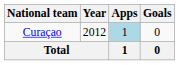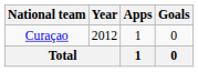 <table class=wikitable style="text-align: center">
 <tr>
 <th>National team</th>
 <th>Year</th>
 <th>Apps</th>
 <th>Goals</th>
 </tr>
 <tr>
 <td rowspan="1"><a href='#'>Curaçao</a></td>
 <td>2012</td>
-<td style="background: lightblue;">1</td>
+<td>1</td>
 <td>0</td>
 </tr>
 <tr>
 <th colspan="2">Total</th>
 <th>1</th>
 <th>0</th>
 </tr>
 </table>
